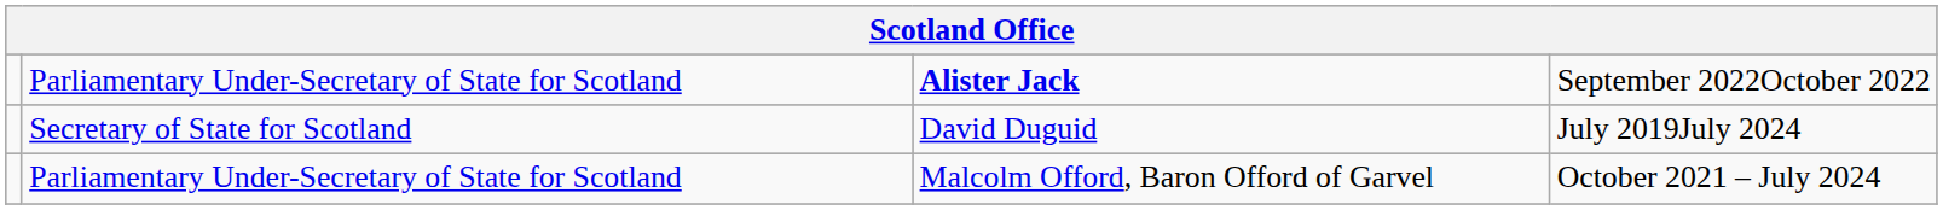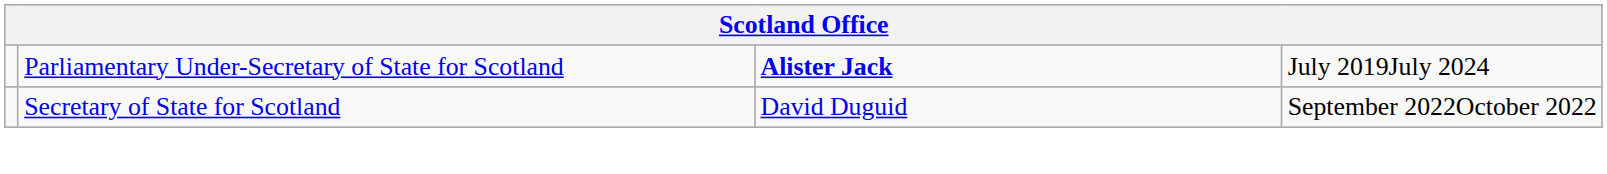 <table class="wikitable">
 <tr>
 <th colspan="4"><a href='#'>Scotland Office</a></th>
 </tr>
 <tr>
 <td style="width: 1px; background: "></td>
 <td><a href='#'>Parliamentary Under-Secretary of State for Scotland</a></td>
 <td style="width: 320px;"><strong><a href='#'>Alister Jack</a></strong></td>
-<td>September 2022October 2022</td>
+<td>July 2019July 2024</td>
 </tr>
 <tr>
 <td rowspan=1 style="width: 1px; background: "></td>
 <td style="width: 450px;"><a href='#'>Secretary of State for Scotland</a></td>
 <td><a href='#'>David Duguid</a></td>
-<td>July 2019July 2024</td>
-</tr>
-<tr>
-<td style="width: 1px; background: "></td>
-<td><a href='#'>Parliamentary Under-Secretary of State for Scotland</a></td>
-<td><a href='#'>Malcolm Offord</a>, Baron Offord of Garvel </td>
-<td>October 2021 – July 2024</td>
+<td>September 2022October 2022</td>
 </tr>
 </table>
